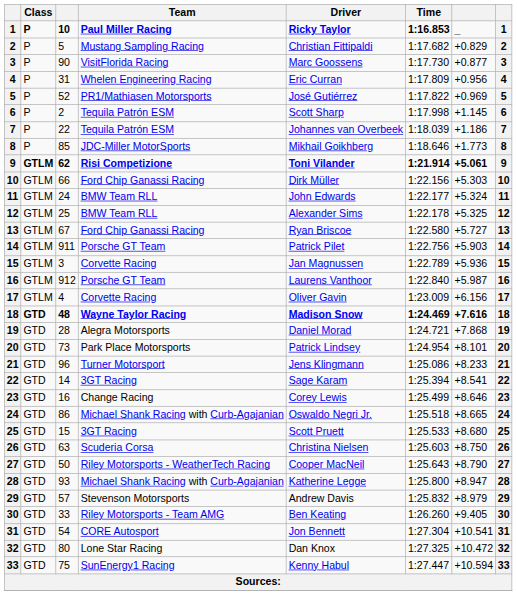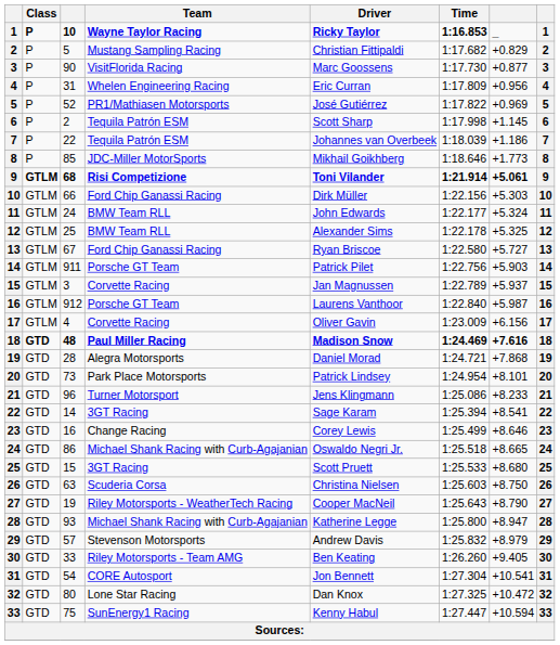 <table class="wikitable">
 <tr>
 <th scope="col"></th>
 <th scope="col">Class</th>
 <th scope="col"></th>
 <th scope="col">Team</th>
 <th scope="col">Driver</th>
 <th scope="col">Time</th>
 <th scope="col"></th>
 <th scope="col"></th>
 </tr>
 <tr style="font-weight:bold">
 <th>1</th>
 <td>P</td>
 <td>10</td>
-<td> <a href='#'>Paul Miller Racing</a></td>
+<td> <a href='#'>Wayne Taylor Racing</a></td>
 <td> <a href='#'>Ricky Taylor</a></td>
 <td>1:16.853</td>
 <td><strong>_</strong></td>
 <th>1</th>
 </tr>
 <tr>
 <th>2</th>
 <td>P</td>
 <td>5</td>
 <td> <a href='#'>Mustang Sampling Racing</a></td>
 <td> <a href='#'>Christian Fittipaldi</a></td>
 <td>1:17.682</td>
 <td>+0.829</td>
 <th>2</th>
 </tr>
 <tr>
 <th>3</th>
 <td>P</td>
 <td>90</td>
 <td> <a href='#'>VisitFlorida Racing</a></td>
 <td> <a href='#'>Marc Goossens</a></td>
 <td>1:17.730</td>
 <td>+0.877</td>
 <th>3</th>
 </tr>
 <tr>
 <th>4</th>
 <td>P</td>
 <td>31</td>
 <td> <a href='#'>Whelen Engineering Racing</a></td>
 <td> <a href='#'>Eric Curran</a></td>
 <td>1:17.809</td>
 <td>+0.956</td>
 <th>4</th>
 </tr>
 <tr>
 <th>5</th>
 <td>P</td>
 <td>52</td>
 <td> <a href='#'>PR1/Mathiasen Motorsports</a></td>
 <td> <a href='#'>José Gutiérrez</a></td>
 <td>1:17.822</td>
 <td>+0.969</td>
 <th>5</th>
 </tr>
 <tr>
 <th>6</th>
 <td>P</td>
 <td>2</td>
 <td> <a href='#'>Tequila Patrón ESM</a></td>
 <td> <a href='#'>Scott Sharp</a></td>
 <td>1:17.998</td>
 <td>+1.145</td>
 <th>6</th>
 </tr>
 <tr>
 <th>7</th>
 <td>P</td>
 <td>22</td>
 <td> <a href='#'>Tequila Patrón ESM</a></td>
 <td> <a href='#'>Johannes van Overbeek</a></td>
 <td>1:18.039</td>
 <td>+1.186</td>
 <th>7</th>
 </tr>
 <tr>
 <th>8</th>
 <td>P</td>
 <td>85</td>
 <td> <a href='#'>JDC-Miller MotorSports</a></td>
 <td> <a href='#'>Mikhail Goikhberg</a></td>
 <td>1:18.646</td>
 <td>+1.773</td>
 <th>8</th>
 </tr>
 <tr style="font-weight:bold">
 <th>9</th>
 <td>GTLM</td>
-<td>62</td>
+<td>68</td>
 <td> <a href='#'>Risi Competizione</a></td>
 <td> <a href='#'>Toni Vilander</a></td>
 <td>1:21.914</td>
 <td>+5.061</td>
 <th>9</th>
 </tr>
 <tr>
 <th>10</th>
 <td>GTLM</td>
 <td>66</td>
 <td> <a href='#'>Ford Chip Ganassi Racing</a></td>
 <td> <a href='#'>Dirk Müller</a></td>
 <td>1:22.156</td>
 <td>+5.303</td>
 <th>10</th>
 </tr>
 <tr>
 <th>11</th>
 <td>GTLM</td>
 <td>24</td>
 <td> <a href='#'>BMW Team RLL</a></td>
 <td> <a href='#'>John Edwards</a></td>
 <td>1:22.177</td>
 <td>+5.324</td>
 <th>11</th>
 </tr>
 <tr>
 <th>12</th>
 <td>GTLM</td>
 <td>25</td>
 <td> <a href='#'>BMW Team RLL</a></td>
 <td> <a href='#'>Alexander Sims</a></td>
 <td>1:22.178</td>
 <td>+5.325</td>
 <th>12</th>
 </tr>
 <tr>
 <th>13</th>
 <td>GTLM</td>
 <td>67</td>
 <td> <a href='#'>Ford Chip Ganassi Racing</a></td>
 <td> <a href='#'>Ryan Briscoe</a></td>
 <td>1:22.580</td>
 <td>+5.727</td>
 <th>13</th>
 </tr>
 <tr>
 <th>14</th>
 <td>GTLM</td>
 <td>911</td>
 <td> <a href='#'>Porsche GT Team</a></td>
 <td> <a href='#'>Patrick Pilet</a></td>
 <td>1:22.756</td>
 <td>+5.903</td>
 <th>14</th>
 </tr>
 <tr>
 <th>15</th>
 <td>GTLM</td>
 <td>3</td>
 <td> <a href='#'>Corvette Racing</a></td>
 <td> <a href='#'>Jan Magnussen</a></td>
 <td>1:22.789</td>
-<td>+5.936</td>
+<td>+5.937</td>
 <th>15</th>
 </tr>
 <tr>
 <th>16</th>
 <td>GTLM</td>
 <td>912</td>
 <td> <a href='#'>Porsche GT Team</a></td>
 <td> <a href='#'>Laurens Vanthoor</a></td>
 <td>1:22.840</td>
 <td>+5.987</td>
 <th>16</th>
 </tr>
 <tr>
 <th>17</th>
 <td>GTLM</td>
 <td>4</td>
 <td> <a href='#'>Corvette Racing</a></td>
 <td> <a href='#'>Oliver Gavin</a></td>
 <td>1:23.009</td>
 <td>+6.156</td>
 <th>17</th>
 </tr>
 <tr style="font-weight:bold">
 <th>18</th>
 <td>GTD</td>
 <td>48</td>
-<td> <a href='#'>Wayne Taylor Racing</a></td>
+<td> <a href='#'>Paul Miller Racing</a></td>
 <td> <a href='#'>Madison Snow</a></td>
 <td>1:24.469</td>
 <td>+7.616</td>
 <th>18</th>
 </tr>
 <tr>
 <th>19</th>
 <td>GTD</td>
 <td>28</td>
 <td> Alegra Motorsports</td>
 <td> <a href='#'>Daniel Morad</a></td>
 <td>1:24.721</td>
 <td>+7.868</td>
 <th>19</th>
 </tr>
 <tr>
 <th>20</th>
 <td>GTD</td>
 <td>73</td>
 <td> Park Place Motorsports</td>
 <td> <a href='#'>Patrick Lindsey</a></td>
 <td>1:24.954</td>
 <td>+8.101</td>
 <th>20</th>
 </tr>
 <tr>
 <th>21</th>
 <td>GTD</td>
 <td>96</td>
 <td> <a href='#'>Turner Motorsport</a></td>
 <td> <a href='#'>Jens Klingmann</a></td>
 <td>1:25.086</td>
 <td>+8.233</td>
 <th>21</th>
 </tr>
 <tr>
 <th>22</th>
 <td>GTD</td>
 <td>14</td>
 <td> <a href='#'>3GT Racing</a></td>
 <td> <a href='#'>Sage Karam</a></td>
 <td>1:25.394</td>
 <td>+8.541</td>
 <th>22</th>
 </tr>
 <tr>
 <th>23</th>
 <td>GTD</td>
 <td>16</td>
 <td> Change Racing</td>
 <td> <a href='#'>Corey Lewis</a></td>
 <td>1:25.499</td>
 <td>+8.646</td>
 <th>23</th>
 </tr>
 <tr>
 <th>24</th>
 <td>GTD</td>
 <td>86</td>
 <td> <a href='#'>Michael Shank Racing</a> with <a href='#'>Curb-Agajanian</a></td>
 <td> <a href='#'>Oswaldo Negri Jr.</a></td>
 <td>1:25.518</td>
 <td>+8.665</td>
 <th>24</th>
 </tr>
 <tr>
 <th>25</th>
 <td>GTD</td>
 <td>15</td>
 <td> <a href='#'>3GT Racing</a></td>
 <td> <a href='#'>Scott Pruett</a></td>
 <td>1:25.533</td>
 <td>+8.680</td>
 <th>25</th>
 </tr>
 <tr>
 <th>26</th>
 <td>GTD</td>
 <td>63</td>
 <td> <a href='#'>Scuderia Corsa</a></td>
 <td> <a href='#'>Christina Nielsen</a></td>
 <td>1:25.603</td>
 <td>+8.750</td>
 <th>26</th>
 </tr>
 <tr>
 <th>27</th>
 <td>GTD</td>
-<td>50</td>
+<td>19</td>
 <td> <a href='#'>Riley Motorsports - WeatherTech Racing</a></td>
 <td> <a href='#'>Cooper MacNeil</a></td>
 <td>1:25.643</td>
 <td>+8.790</td>
 <th>27</th>
 </tr>
 <tr>
 <th>28</th>
 <td>GTD</td>
 <td>93</td>
 <td> <a href='#'>Michael Shank Racing</a> with <a href='#'>Curb-Agajanian</a></td>
 <td> <a href='#'>Katherine Legge</a></td>
 <td>1:25.800</td>
 <td>+8.947</td>
 <th>28</th>
 </tr>
 <tr>
 <th>29</th>
 <td>GTD</td>
 <td>57</td>
 <td> Stevenson Motorsports</td>
 <td> Andrew Davis</td>
 <td>1:25.832</td>
 <td>+8.979</td>
 <th>29</th>
 </tr>
 <tr>
 <th>30</th>
 <td>GTD</td>
 <td>33</td>
 <td> <a href='#'>Riley Motorsports - Team AMG</a></td>
 <td> <a href='#'>Ben Keating</a></td>
 <td>1:26.260</td>
 <td>+9.405</td>
 <th>30</th>
 </tr>
 <tr>
 <th>31</th>
 <td>GTD</td>
 <td>54</td>
 <td> <a href='#'>CORE Autosport</a></td>
 <td> <a href='#'>Jon Bennett</a></td>
 <td>1:27.304</td>
 <td>+10.541</td>
 <th>31</th>
 </tr>
 <tr>
 <th>32</th>
 <td>GTD</td>
 <td>80</td>
 <td> Lone Star Racing</td>
 <td> Dan Knox</td>
 <td>1:27.325</td>
 <td>+10.472</td>
 <th>32</th>
 </tr>
 <tr>
 <th>33</th>
 <td>GTD</td>
 <td>75</td>
 <td> <a href='#'>SunEnergy1 Racing</a></td>
 <td> <a href='#'>Kenny Habul</a></td>
 <td>1:27.447</td>
 <td>+10.594</td>
 <th>33</th>
 </tr>
 <tr>
 <th colspan="8">Sources:</th>
 </tr>
 <tr>
 </tr>
 </table>
